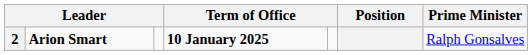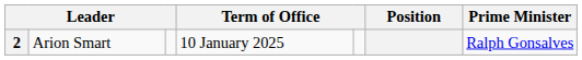 <table class="wikitable">
 <tr>
 <th colspan="3">Leader</th>
 <th colspan="2">Term of Office</th>
 <th>Position</th>
 <th colspan="2" width="20%">Prime Minister</th>
 </tr>
 <tr>
 <th style="background-color: ">2</th>
-<td><strong>Arion Smart</strong></td>
+<td>Arion Smart</td>
 <td></td>
-<td><strong>10 January 2025</strong></td>
+<td>10 January 2025</td>
 <td></td>
 <th style="background-color: "></th>
 <td><a href='#'>Ralph Gonsalves</a></td>
 </tr>
 </table>
